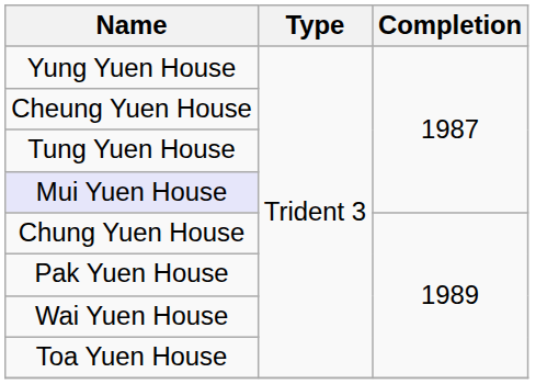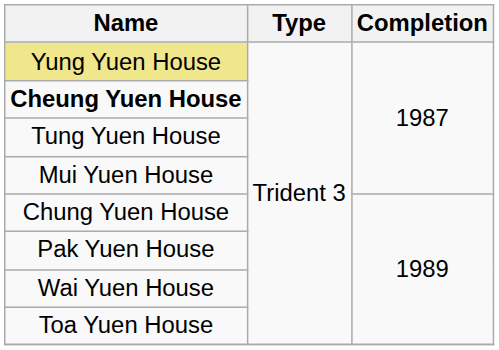 <table class="wikitable" style="text-align: center">
 <tr>
 <th>Name</th>
 <th>Type</th>
 <th>Completion</th>
 </tr>
 <tr>
-<td>Yung Yuen House</td>
+<td style="background: khaki;">Yung Yuen House</td>
 <td rowspan="8">Trident 3</td>
 <td rowspan="4">1987</td>
 </tr>
 <tr>
-<td>Cheung Yuen House</td>
+<td><strong>Cheung Yuen House</strong></td>
 </tr>
 <tr>
 <td>Tung Yuen House</td>
 </tr>
 <tr>
-<td style="background: lavender;">Mui Yuen House</td>
+<td>Mui Yuen House</td>
 </tr>
 <tr>
 <td>Chung Yuen House</td>
 <td rowspan="4">1989</td>
 </tr>
 <tr>
 <td>Pak Yuen House</td>
 </tr>
 <tr>
 <td>Wai Yuen House</td>
 </tr>
 <tr>
 <td>Toa Yuen House</td>
 </tr>
 <tr>
 </tr>
 </table>
